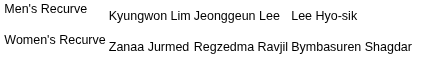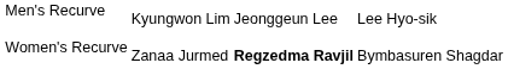 <table>
 <tr>
 <td>Men's Recurve</td>
 <td><br>Kyungwon Lim</td>
 <td><br>Jeonggeun Lee</td>
 <td><br>Lee Hyo-sik</td>
 </tr>
 <tr>
 <td>Women's Recurve</td>
 <td><br>Zanaa Jurmed</td>
-<td><br>Regzedma Ravjil</td>
+<td><strong><br>Regzedma Ravjil</strong></td>
 <td><br>Bymbasuren Shagdar</td>
 </tr>
 </table>
